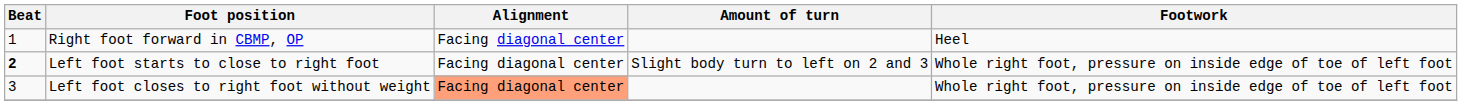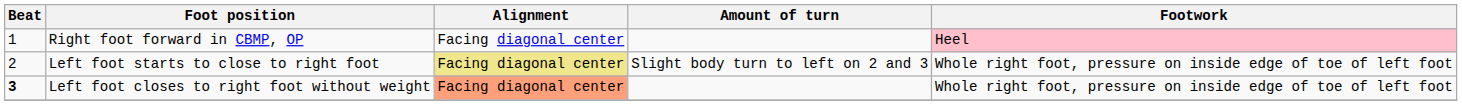 <table class="wikitable" style="font-size:90%;">
 <tr>
 <th>Beat</th>
 <th>Foot position</th>
 <th>Alignment</th>
 <th>Amount of turn</th>
 <th>Footwork</th>
 </tr>
 <tr>
 <td>1</td>
 <td>Right foot forward in <a href='#'>CBMP</a>, <a href='#'>OP</a></td>
 <td>Facing <a href='#'>diagonal center</a></td>
 <td></td>
-<td>Heel</td>
+<td style="background: pink;">Heel</td>
 </tr>
 <tr>
-<td><strong>2</strong></td>
+<td>2</td>
 <td>Left foot starts to close to right foot</td>
-<td>Facing diagonal center</td>
+<td style="background: khaki;">Facing diagonal center</td>
 <td>Slight body turn to left on 2 and 3</td>
 <td>Whole right foot, pressure on inside edge of toe of left foot</td>
 </tr>
 <tr>
-<td>3</td>
+<td><strong>3</strong></td>
 <td>Left foot closes to right foot without weight</td>
 <td style="background: lightsalmon;">Facing diagonal center</td>
 <td></td>
 <td>Whole right foot, pressure on inside edge of toe of left foot</td>
 </tr>
 <tr>
 </tr>
 </table>
